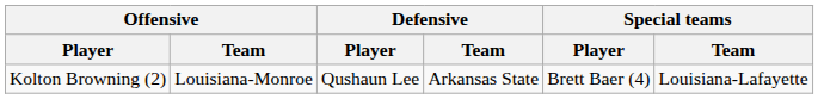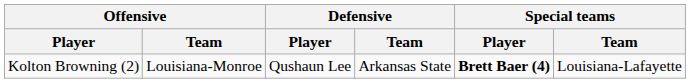 <table class="wikitable">
 <tr>
 <th colspan="2">Offensive</th>
 <th colspan="2">Defensive</th>
 <th colspan="2">Special teams</th>
 </tr>
 <tr>
 <th>Player</th>
 <th>Team</th>
 <th>Player</th>
 <th>Team</th>
 <th>Player</th>
 <th>Team</th>
 </tr>
 <tr>
 <td>Kolton Browning (2)</td>
 <td>Louisiana-Monroe</td>
 <td>Qushaun Lee</td>
 <td>Arkansas State</td>
-<td>Brett Baer (4)</td>
+<td><strong>Brett Baer (4)</strong></td>
 <td>Louisiana-Lafayette</td>
 </tr>
 </table>
